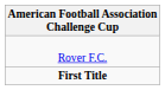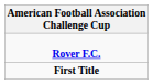 <table class="wikitable" style="text-align: center;" style="margin-left: auto; margin-right: auto; border: none;">
 <tr>
 <th width=>American Football Association<br> Challenge Cup</th>
 </tr>
 <tr>
-<td align=Center><br><a href='#'>Rover F.C.</a></td>
+<td align=Center><strong><br><a href='#'>Rover F.C.</a></strong></td>
 </tr>
 <tr>
 <td align=Center><strong>First Title</strong></td>
 </tr>
 </table>
